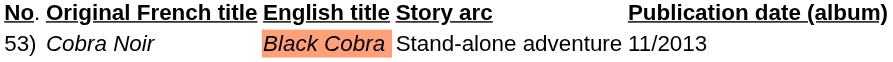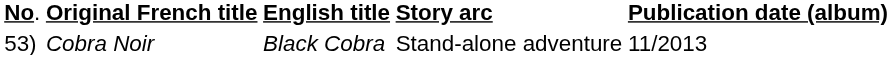 <table>
 <tr>
 <td><u><strong>No</strong></u>.</td>
 <td><u><strong>Original French title</strong></u></td>
 <td><u><strong>English title</strong></u></td>
 <td><u><strong>Story arc</strong></u></td>
 <td><u><strong>Publication date (album)</strong></u></td>
 </tr>
 <tr>
 <td>53)</td>
 <td><em>Cobra Noir</em></td>
-<td style="background: lightsalmon;"><em>Black Cobra</em></td>
+<td><em>Black Cobra</em></td>
 <td>Stand-alone adventure</td>
 <td>11/2013</td>
 </tr>
 </table>
